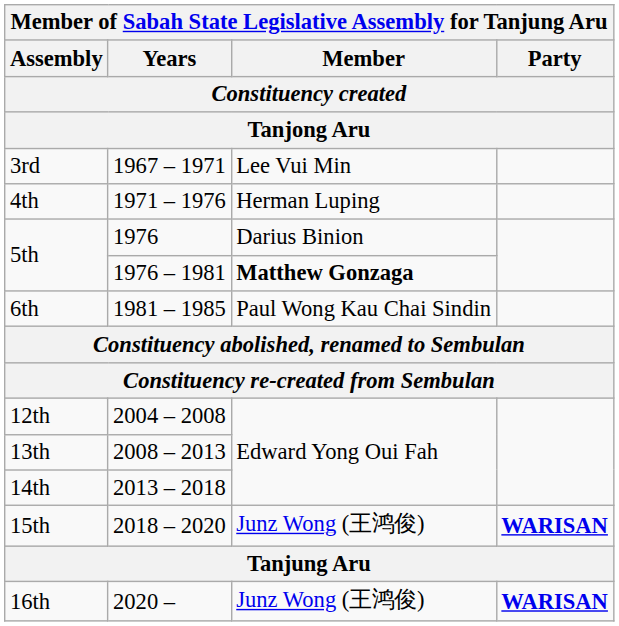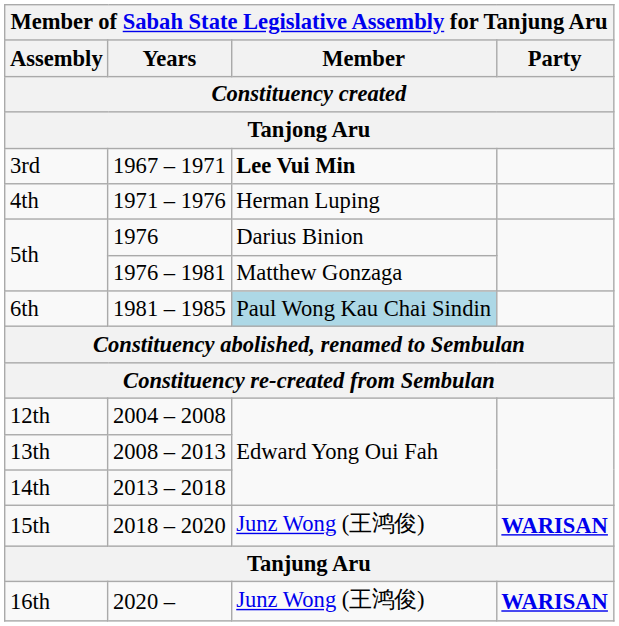 <table class="wikitable">
 <tr>
 <th colspan="4">Member of <a href='#'>Sabah State Legislative Assembly</a> for Tanjung Aru</th>
 </tr>
 <tr>
 <th>Assembly</th>
 <th>Years</th>
 <th>Member</th>
 <th>Party</th>
 </tr>
 <tr>
 <th colspan="4" align="center"><em>Constituency created</em></th>
 </tr>
 <tr>
 <th colspan="4" align="center">Tanjong Aru</th>
 </tr>
 <tr>
 <td>3rd</td>
 <td>1967 – 1971</td>
-<td>Lee Vui Min</td>
+<td><strong>Lee Vui Min</strong></td>
 <td></td>
 </tr>
 <tr>
 <td>4th</td>
 <td>1971 – 1976</td>
 <td>Herman Luping</td>
 <td></td>
 </tr>
 <tr>
 <td rowspan="2">5th</td>
 <td>1976</td>
 <td>Darius Binion</td>
 <td rowspan="2"></td>
 </tr>
 <tr>
 <td>1976 – 1981</td>
-<td><strong>Matthew Gonzaga</strong></td>
+<td>Matthew Gonzaga</td>
 </tr>
 <tr>
 <td>6th</td>
 <td>1981 – 1985</td>
-<td>Paul Wong Kau Chai Sindin</td>
+<td style="background: lightblue;">Paul Wong Kau Chai Sindin</td>
 <td></td>
 </tr>
 <tr>
 <th colspan="4" align="center"><em>Constituency abolished, renamed to Sembulan</em></th>
 </tr>
 <tr>
 <th colspan="4" align="center"><em>Constituency re-created from Sembulan</em></th>
 </tr>
 <tr>
 <td>12th</td>
 <td>2004 – 2008</td>
 <td rowspan="3">Edward Yong Oui Fah</td>
 <td rowspan="3"></td>
 </tr>
 <tr>
 <td>13th</td>
 <td>2008 – 2013</td>
 </tr>
 <tr>
 <td>14th</td>
 <td>2013 – 2018</td>
 </tr>
 <tr>
 <td>15th</td>
 <td>2018 – 2020</td>
 <td><a href='#'>Junz Wong</a> (王鸿俊)</td>
 <td><strong><a href='#'>WARISAN</a></strong></td>
 </tr>
 <tr>
 <th colspan="4" align="center">Tanjung Aru</th>
 </tr>
 <tr>
 <td>16th</td>
 <td>2020 –</td>
 <td><a href='#'>Junz Wong</a> (王鸿俊)</td>
 <td><strong><a href='#'>WARISAN</a></strong></td>
 </tr>
 </table>
